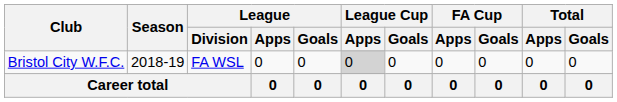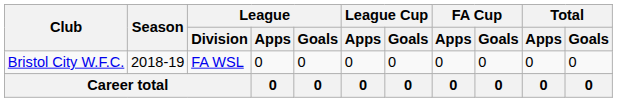 <table class="wikitable">
 <tr>
 <th rowspan="2">Club</th>
 <th rowspan="2">Season</th>
 <th colspan="3">League</th>
 <th colspan="2">League Cup</th>
 <th colspan="2">FA Cup</th>
 <th colspan="2">Total</th>
 </tr>
 <tr>
 <th>Division</th>
 <th>Apps</th>
 <th>Goals</th>
 <th>Apps</th>
 <th>Goals</th>
 <th>Apps</th>
 <th>Goals</th>
 <th>Apps</th>
 <th>Goals</th>
 </tr>
 <tr>
 <td><a href='#'>Bristol City W.F.C.</a></td>
 <td>2018-19</td>
 <td><a href='#'>FA WSL</a></td>
 <td>0</td>
 <td>0</td>
-<td style="background: lightgrey;">0</td>
+<td>0</td>
 <td>0</td>
 <td>0</td>
 <td>0</td>
 <td>0</td>
 <td>0</td>
 </tr>
 <tr>
 <th colspan="3">Career total</th>
 <th>0</th>
 <th>0</th>
 <th>0</th>
 <th>0</th>
 <th>0</th>
 <th>0</th>
 <th>0</th>
 <th>0</th>
 </tr>
 </table>
